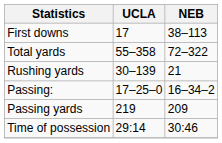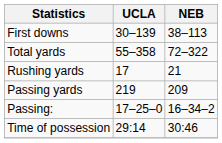 <table class="wikitable" style="float: left;">
 <tr>
 <th>Statistics</th>
 <th>UCLA</th>
 <th>NEB</th>
 </tr>
 <tr>
 <td>First downs</td>
-<td>17</td>
+<td>30–139</td>
 <td>38–113</td>
 </tr>
 <tr>
 <td>Total yards</td>
 <td>55–358</td>
 <td>72–322</td>
 </tr>
 <tr>
 <td>Rushing yards</td>
-<td>30–139</td>
+<td>17</td>
 <td>21</td>
+</tr>
+<tr>
+<td>Passing yards</td>
+<td>219</td>
+<td>209</td>
 </tr>
 <tr>
 <td>Passing:</td>
 <td>17–25–0</td>
 <td>16–34–2</td>
-</tr>
-<tr>
-<td>Passing yards</td>
-<td>219</td>
-<td>209</td>
 </tr>
 <tr>
 <td>Time of possession</td>
 <td>29:14</td>
 <td>30:46</td>
 </tr>
 <tr>
 </tr>
 </table>
